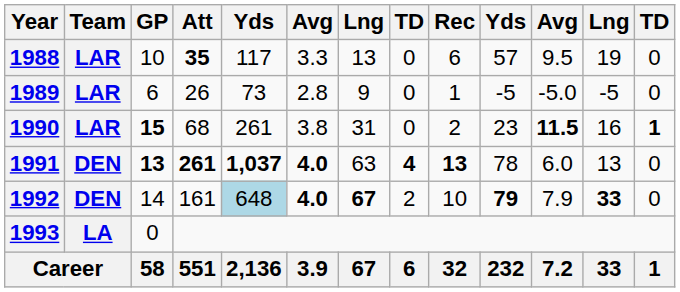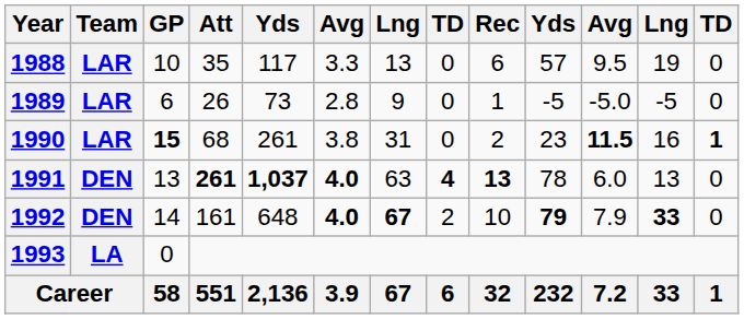 <table class="wikitable" style="text-align:center;">
 <tr>
 <th>Year</th>
 <th>Team</th>
 <th>GP</th>
 <th>Att</th>
 <th>Yds</th>
 <th>Avg</th>
 <th>Lng</th>
 <th>TD</th>
 <th>Rec</th>
 <th>Yds</th>
 <th>Avg</th>
 <th>Lng</th>
 <th>TD</th>
 </tr>
 <tr>
 <th><a href='#'>1988</a></th>
 <th><a href='#'>LAR</a></th>
 <td>10</td>
-<td><strong>35</strong></td>
+<td>35</td>
 <td>117</td>
 <td>3.3</td>
 <td>13</td>
 <td>0</td>
 <td>6</td>
 <td>57</td>
 <td>9.5</td>
 <td>19</td>
 <td>0</td>
 </tr>
 <tr>
 <th><a href='#'>1989</a></th>
 <th><a href='#'>LAR</a></th>
 <td>6</td>
 <td>26</td>
 <td>73</td>
 <td>2.8</td>
 <td>9</td>
 <td>0</td>
 <td>1</td>
 <td>-5</td>
 <td>-5.0</td>
 <td>-5</td>
 <td>0</td>
 </tr>
 <tr>
 <th><a href='#'>1990</a></th>
 <th><a href='#'>LAR</a></th>
 <td><strong>15</strong></td>
 <td>68</td>
 <td>261</td>
 <td>3.8</td>
 <td>31</td>
 <td>0</td>
 <td>2</td>
 <td>23</td>
 <td><strong>11.5</strong></td>
 <td>16</td>
 <td><strong>1</strong></td>
 </tr>
 <tr>
 <th><a href='#'>1991</a></th>
 <th><a href='#'>DEN</a></th>
-<td><strong>13</strong></td>
+<td>13</td>
 <td><strong>261</strong></td>
 <td><strong>1,037</strong></td>
 <td><strong>4.0</strong></td>
 <td>63</td>
 <td><strong>4</strong></td>
 <td><strong>13</strong></td>
 <td>78</td>
 <td>6.0</td>
 <td>13</td>
 <td>0</td>
 </tr>
 <tr>
 <th><a href='#'>1992</a></th>
 <th><a href='#'>DEN</a></th>
 <td>14</td>
 <td>161</td>
-<td style="background: lightblue;">648</td>
+<td>648</td>
 <td><strong>4.0</strong></td>
 <td><strong>67</strong></td>
 <td>2</td>
 <td>10</td>
 <td><strong>79</strong></td>
 <td>7.9</td>
 <td><strong>33</strong></td>
 <td>0</td>
 </tr>
 <tr>
 <th><a href='#'>1993</a></th>
 <th><a href='#'>LA</a></th>
 <td>0</td>
 <td colspan="10"></td>
 </tr>
 <tr>
 <th colspan="2">Career</th>
 <th>58</th>
 <th>551</th>
 <th>2,136</th>
 <th>3.9</th>
 <th>67</th>
 <th>6</th>
 <th>32</th>
 <th>232</th>
 <th>7.2</th>
 <th>33</th>
 <th>1</th>
 </tr>
 </table>
